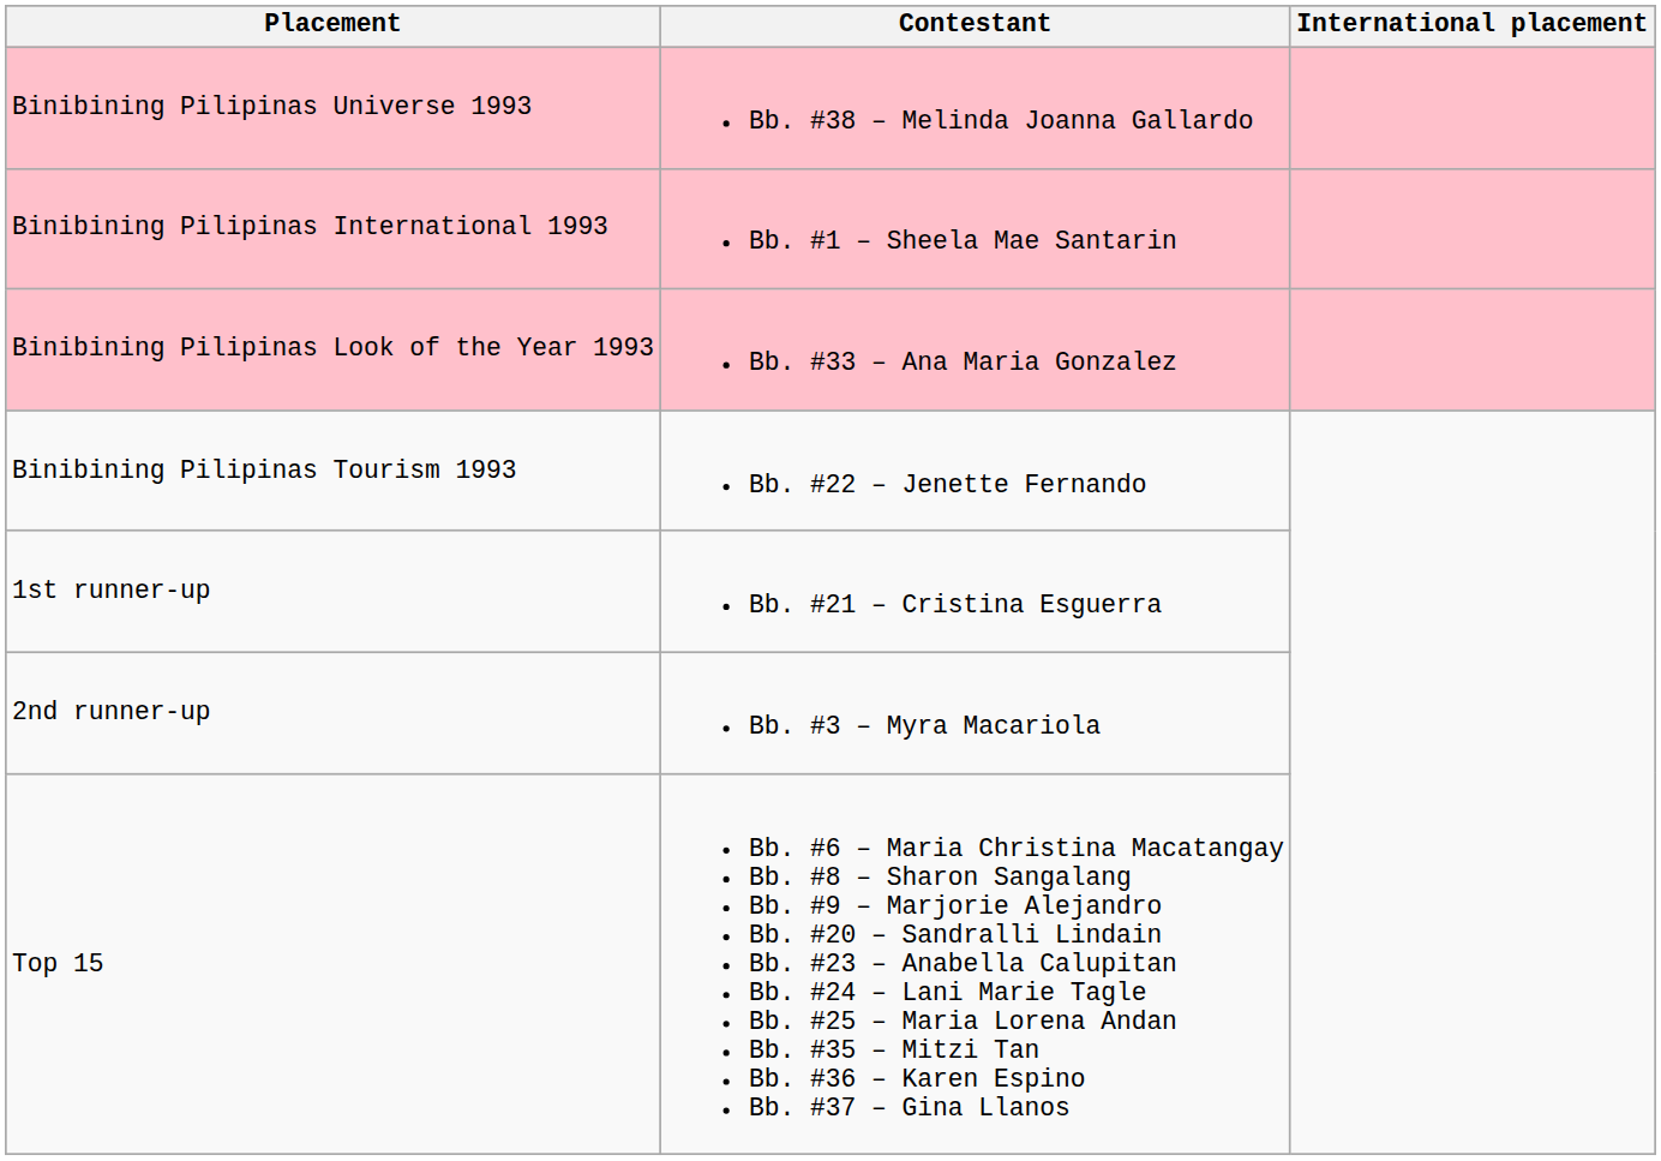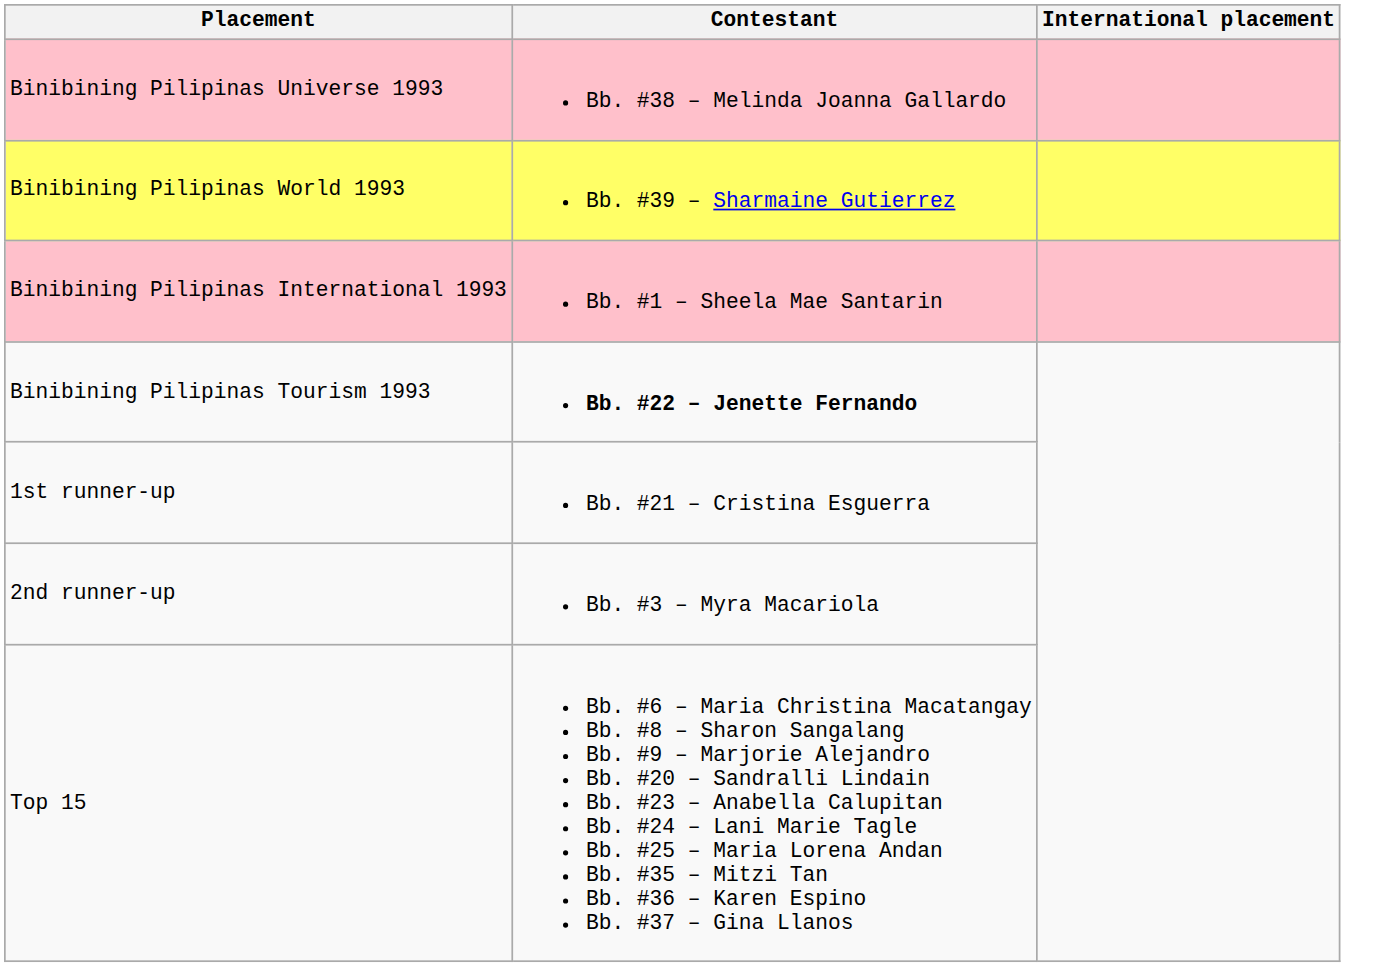 <table class="wikitable sortable" style="font-size:95%;">
 <tr>
 <th>Placement</th>
 <th>Contestant</th>
 <th>International placement</th>
 </tr>
 <tr style="background:pink;">
 <td>Binibining Pilipinas Universe 1993</td>
 <td><br><ul><li>Bb. #38 – Melinda Joanna Gallardo</li></ul></td>
 <td></td>
 </tr>
+<tr style="background:#FFFF66;">
+<td>Binibining Pilipinas World 1993</td>
+<td><br><ul><li>Bb. #39 – <a href='#'>Sharmaine Gutierrez</a></li></ul></td>
+<td></td>
+</tr>
 <tr style="background:pink;">
 <td>Binibining Pilipinas International 1993</td>
 <td><br><ul><li>Bb. #1 – Sheela Mae Santarin</li></ul></td>
 <td></td>
 </tr>
-<tr style="background:pink;">
-<td>Binibining Pilipinas Look of the Year 1993</td>
-<td><br><ul><li>Bb. #33 – Ana Maria Gonzalez</li></ul></td>
-<td></td>
-</tr>
 <tr>
 <td>Binibining Pilipinas Tourism 1993</td>
-<td><br><ul><li>Bb. #22 – Jenette Fernando</li></ul></td>
+<td><strong><br><ul><li>Bb. #22 – Jenette Fernando</li></ul></strong></td>
 </tr>
 <tr>
 <td>1st runner-up</td>
 <td><br><ul><li>Bb. #21 – Cristina Esguerra</li></ul></td>
 </tr>
 <tr>
 <td>2nd runner-up</td>
 <td><br><ul><li>Bb. #3 – Myra Macariola</li></ul></td>
 </tr>
 <tr>
 <td>Top 15</td>
 <td><br><ul><li>Bb. #6 – Maria Christina Macatangay</li><li>Bb. #8 – Sharon Sangalang</li><li>Bb. #9 – Marjorie Alejandro</li><li>Bb. #20 – Sandralli Lindain</li><li>Bb. #23 – Anabella Calupitan</li><li>Bb. #24 – Lani Marie Tagle</li><li>Bb. #25 – Maria Lorena Andan</li><li>Bb. #35 – Mitzi Tan</li><li>Bb. #36 – Karen Espino</li><li>Bb. #37 – Gina Llanos</li></ul></td>
 </tr>
 </table>
